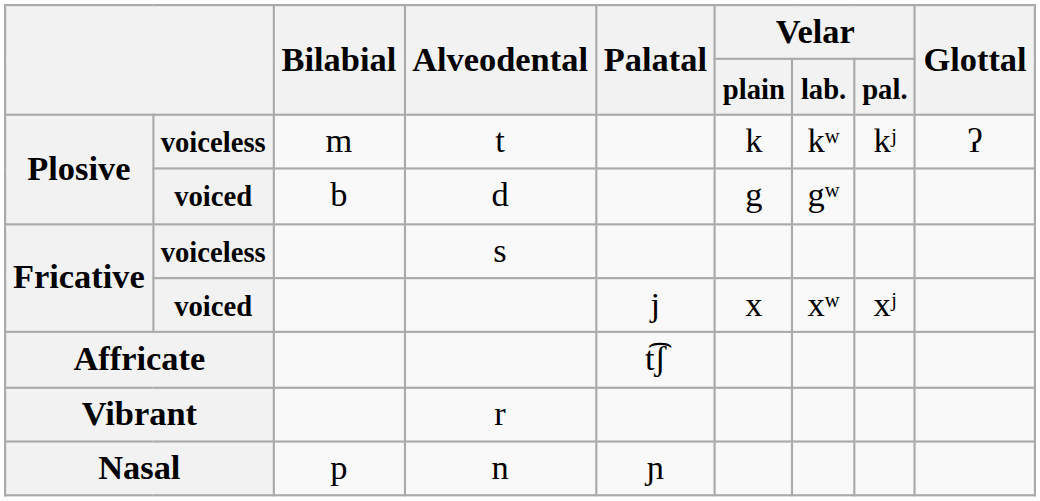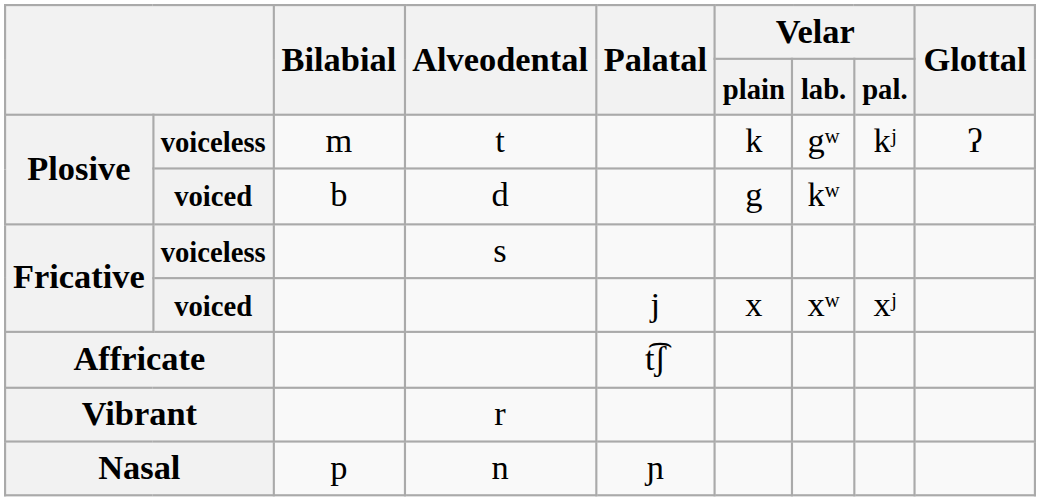 <table class="wikitable" style="text-align: center">
 <tr>
 <th colspan="2" rowspan="2"></th>
 <th rowspan="2">Bilabial</th>
 <th rowspan="2">Alveodental</th>
 <th rowspan="2">Palatal</th>
 <th colspan="3">Velar</th>
 <th rowspan="2">Glottal</th>
 </tr>
 <tr>
 <th><small>plain</small></th>
 <th><small>lab.</small></th>
 <th><small>pal.</small></th>
 </tr>
 <tr>
 <th rowspan="2">Plosive</th>
 <th><small>voiceless</small></th>
 <td>m</td>
 <td>t</td>
 <td></td>
 <td>k</td>
-<td>kʷ </td>
+<td>gʷ </td>
 <td>kʲ </td>
 <td>ʔ</td>
 </tr>
 <tr>
 <th><small>voiced</small></th>
 <td>b</td>
 <td>d</td>
 <td></td>
 <td>g</td>
-<td>gʷ </td>
+<td>kʷ </td>
 <td></td>
 <td></td>
 </tr>
 <tr>
 <th rowspan="2">Fricative</th>
 <th><small>voiceless</small></th>
 <td></td>
 <td>s</td>
 <td></td>
 <td></td>
 <td></td>
 <td></td>
 <td></td>
 </tr>
 <tr>
 <th><small>voiced</small></th>
 <td></td>
 <td></td>
 <td>j </td>
 <td>x</td>
 <td>xʷ </td>
 <td>xʲ </td>
 <td></td>
 </tr>
 <tr>
 <th colspan="2">Affricate</th>
 <td></td>
 <td></td>
 <td>t͡ʃ </td>
 <td></td>
 <td></td>
 <td></td>
 <td></td>
 </tr>
 <tr>
 <th colspan="2">Vibrant</th>
 <td></td>
 <td>r</td>
 <td></td>
 <td></td>
 <td></td>
 <td></td>
 <td></td>
 </tr>
 <tr>
 <th colspan="2">Nasal</th>
 <td>p</td>
 <td>n</td>
 <td>ɲ</td>
 <td></td>
 <td></td>
 <td></td>
 <td></td>
 </tr>
 </table>
